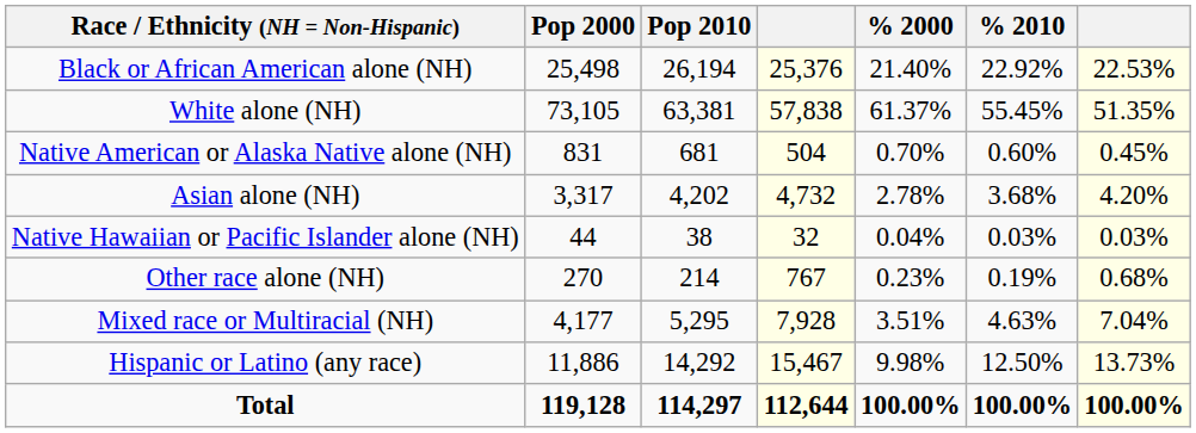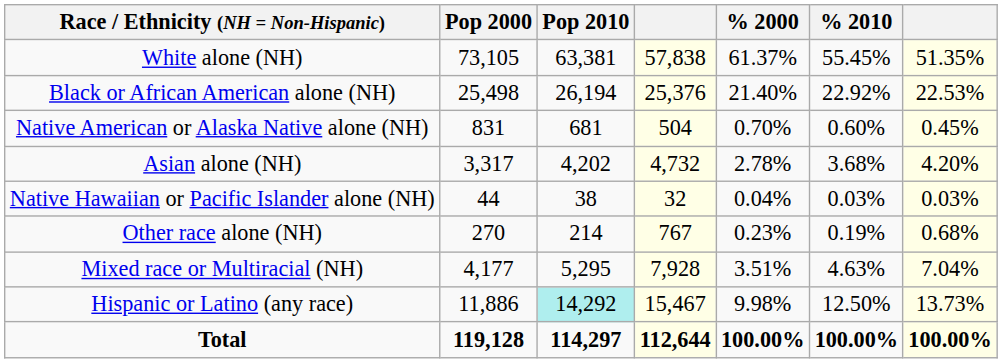 <table class="wikitable" style="text-align:center;">
 <tr>
 <th>Race / Ethnicity <small>(<em>NH = Non-Hispanic</em>)</small></th>
 <th>Pop 2000</th>
 <th>Pop 2010</th>
 <th></th>
 <th>% 2000</th>
 <th>% 2010</th>
 <th></th>
 </tr>
 <tr>
+<td><a href='#'>White</a> alone (NH)</td>
+<td>73,105</td>
+<td>63,381</td>
+<td style='background: #ffffe6;'>57,838</td>
+<td>61.37%</td>
+<td>55.45%</td>
+<td style='background: #ffffe6;'>51.35%</td>
+</tr>
+<tr>
 <td><a href='#'>Black or African American</a> alone (NH)</td>
 <td>25,498</td>
 <td>26,194</td>
 <td style='background: #ffffe6;'>25,376</td>
 <td>21.40%</td>
 <td>22.92%</td>
 <td style='background: #ffffe6;'>22.53%</td>
-</tr>
-<tr>
-<td><a href='#'>White</a> alone (NH)</td>
-<td>73,105</td>
-<td>63,381</td>
-<td style='background: #ffffe6;'>57,838</td>
-<td>61.37%</td>
-<td>55.45%</td>
-<td style='background: #ffffe6;'>51.35%</td>
 </tr>
 <tr>
 <td><a href='#'>Native American</a> or <a href='#'>Alaska Native</a> alone (NH)</td>
 <td>831</td>
 <td>681</td>
 <td style='background: #ffffe6;'>504</td>
 <td>0.70%</td>
 <td>0.60%</td>
 <td style='background: #ffffe6;'>0.45%</td>
 </tr>
 <tr>
 <td><a href='#'>Asian</a> alone (NH)</td>
 <td>3,317</td>
 <td>4,202</td>
 <td style='background: #ffffe6;'>4,732</td>
 <td>2.78%</td>
 <td>3.68%</td>
 <td style='background: #ffffe6;'>4.20%</td>
 </tr>
 <tr>
 <td><a href='#'>Native Hawaiian</a> or <a href='#'>Pacific Islander</a> alone (NH)</td>
 <td>44</td>
 <td>38</td>
 <td style='background: #ffffe6;'>32</td>
 <td>0.04%</td>
 <td>0.03%</td>
 <td style='background: #ffffe6;'>0.03%</td>
 </tr>
 <tr>
 <td><a href='#'>Other race</a> alone (NH)</td>
 <td>270</td>
 <td>214</td>
 <td style='background: #ffffe6;'>767</td>
 <td>0.23%</td>
 <td>0.19%</td>
 <td style='background: #ffffe6;'>0.68%</td>
 </tr>
 <tr>
 <td><a href='#'>Mixed race or Multiracial</a> (NH)</td>
 <td>4,177</td>
 <td>5,295</td>
 <td style='background: #ffffe6;'>7,928</td>
 <td>3.51%</td>
 <td>4.63%</td>
 <td style='background: #ffffe6;'>7.04%</td>
 </tr>
 <tr>
 <td><a href='#'>Hispanic or Latino</a> (any race)</td>
 <td>11,886</td>
-<td>14,292</td>
+<td style="background: paleturquoise;">14,292</td>
 <td style='background: #ffffe6;'>15,467</td>
 <td>9.98%</td>
 <td>12.50%</td>
 <td style='background: #ffffe6;'>13.73%</td>
 </tr>
 <tr>
 <td><strong>Total</strong></td>
 <td><strong>119,128</strong></td>
 <td><strong>114,297</strong></td>
 <td style='background: #ffffe6;'><strong>112,644</strong></td>
 <td><strong>100.00%</strong></td>
 <td><strong>100.00%</strong></td>
 <td style='background: #ffffe6;'><strong>100.00%</strong></td>
 </tr>
 </table>
